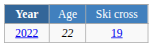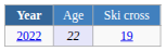 <table class="wikitable" style="font-size:95%; text-align:center; border:grey solid 1px; border-collapse:collapse;" width="15%">
 <tr style="background-color:#369; color:white;">
 <td rowspan="2" colspan="1" width="4%"><strong>Year</strong></td>
 </tr>
 <tr style="background-color:#4180be; color:white;">
 <td width="3%">Age</td>
 <td width="8%">Ski cross</td>
 </tr>
 <tr style="background-color:#8CB2D8; color:white;">
 </tr>
 <tr>
 <td><a href='#'>2022</a></td>
-<td><em>22</em></td>
+<td style="background: lavender;"><em>22</em></td>
 <td><a href='#'>19</a></td>
 </tr>
 </table>
